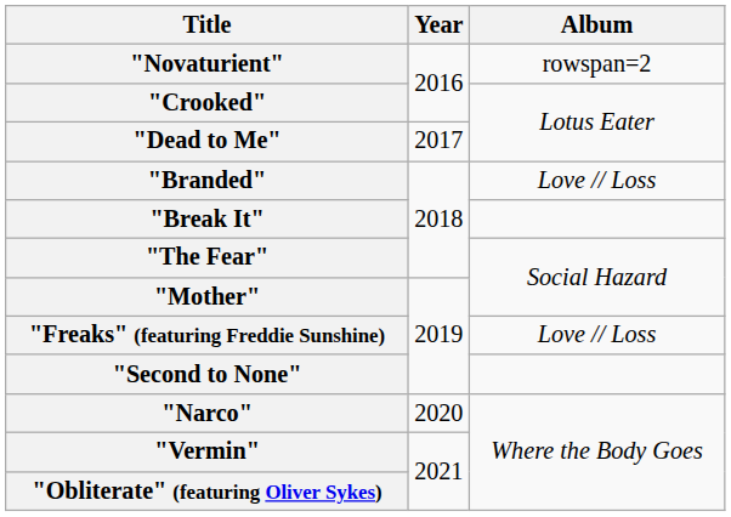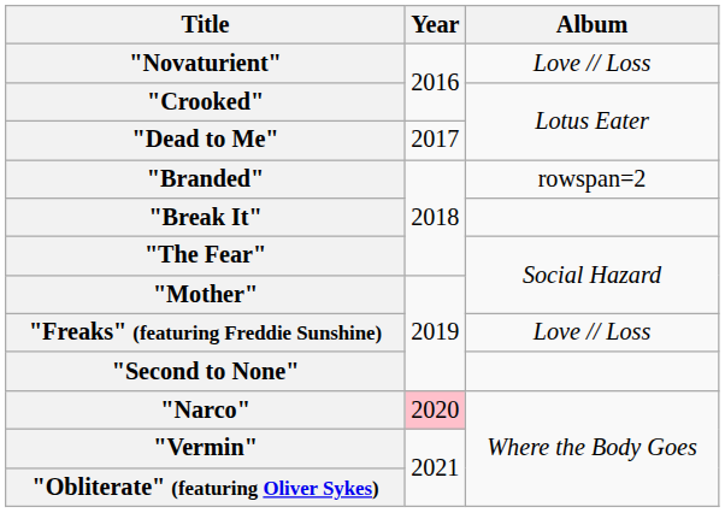 <table class="wikitable plainrowheaders" style="text-align:center;">
 <tr>
 <th scope="col" style="width:16em;">Title</th>
 <th scope="col" style="width:1em;">Year</th>
 <th scope="col" style="width:10em;">Album</th>
 </tr>
 <tr>
 <th scope="row">"Novaturient"</th>
 <td rowspan=2>2016</td>
-<td>rowspan=2 </td>
+<td><em>Love // Loss</em></td>
 </tr>
 <tr>
 <th scope="row">"Crooked"</th>
 <td rowspan="2"><em>Lotus Eater</em></td>
 </tr>
 <tr>
 <th scope="row">"Dead to Me"</th>
 <td>2017</td>
 </tr>
 <tr>
 <th scope="row">"Branded"</th>
 <td rowspan=3>2018</td>
-<td><em>Love // Loss</em></td>
+<td>rowspan=2 </td>
 </tr>
 <tr>
 <th scope="row">"Break It"</th>
 </tr>
 <tr>
 <th scope="row">"The Fear"</th>
 <td rowspan=2><em>Social Hazard</em></td>
 </tr>
 <tr>
 <th scope="row">"Mother"</th>
 <td rowspan=3>2019</td>
 </tr>
 <tr>
 <th scope="row">"Freaks" <small>(featuring Freddie Sunshine)</small></th>
 <td><em>Love // Loss</em></td>
 </tr>
 <tr>
 <th scope="row">"Second to None"</th>
 </tr>
 <tr>
 <th scope="row">"Narco"</th>
-<td>2020</td>
+<td style="background: pink;">2020</td>
 <td rowspan=3><em>Where the Body Goes</em></td>
 </tr>
 <tr>
 <th scope="row">"Vermin"</th>
 <td rowspan=2>2021</td>
 </tr>
 <tr>
 <th scope="row">"Obliterate" <small>(featuring <a href='#'>Oliver Sykes</a>)</small></th>
 </tr>
 </table>
